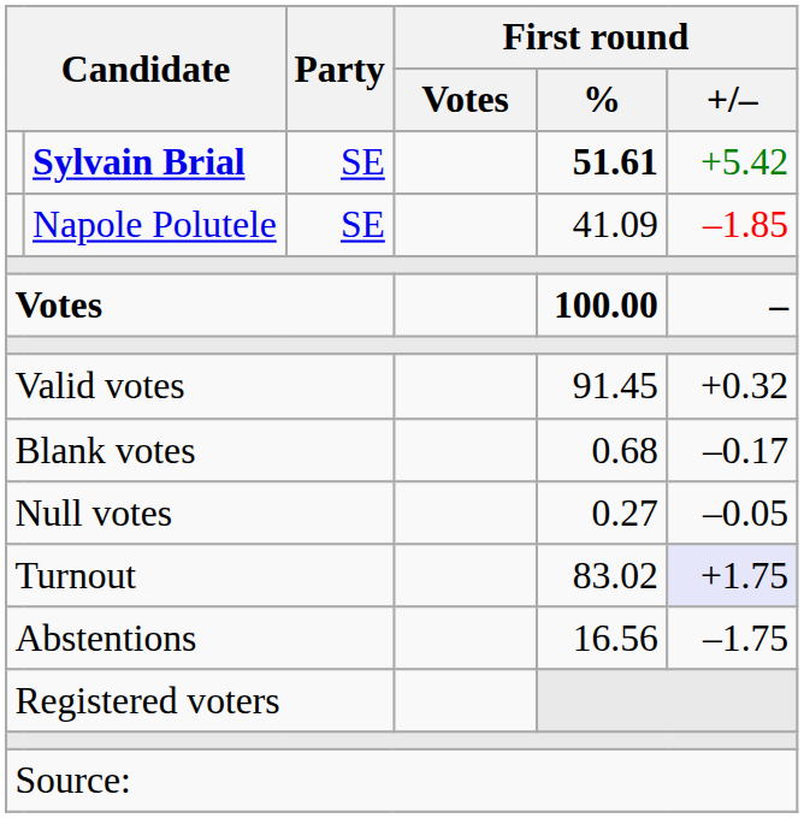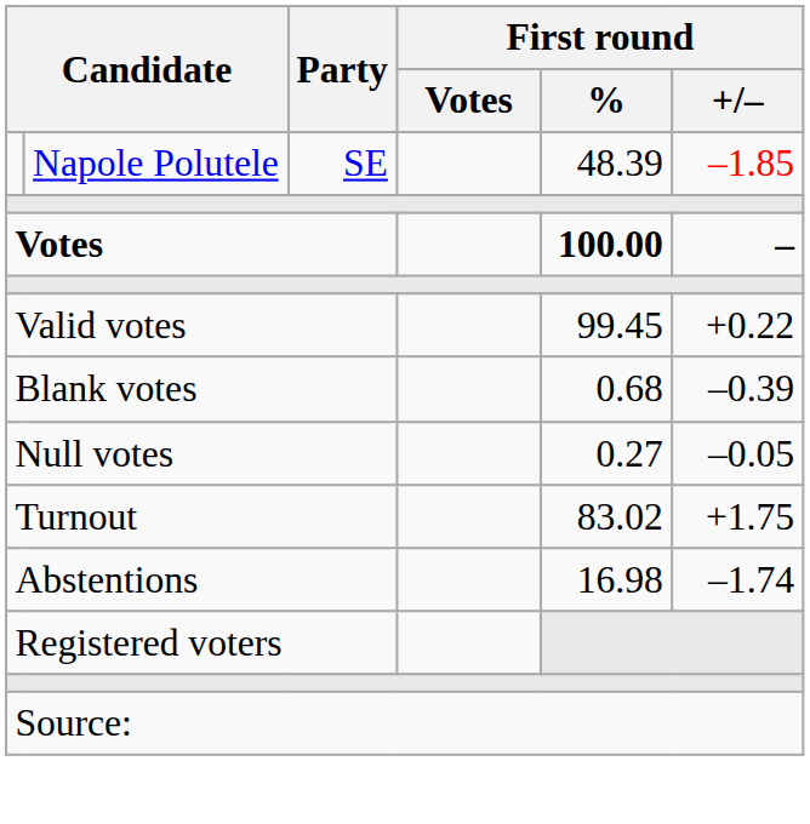 <table class="wikitable" style="text-align:right;font-size:95%;">
 <tr>
 <th rowspan="2" colspan="2">Candidate</th>
 <th rowspan="2">Party</th>
 <th colspan="3">First round</th>
 </tr>
 <tr>
 <th style="width:50px;">Votes</th>
 <th style="width:45px;">%</th>
 <th style="width:45px;">+/–</th>
 </tr>
 <tr>
 <td style="color:inherit;background:"></td>
-<td style="text-align:left;"><strong><a href='#'>Sylvain Brial</a></strong></td>
-<td><a href='#'>SE</a></td>
-<td><strong></strong></td>
-<td><strong>51.61</strong></td>
-<td style="color:green;">+5.42</td>
-</tr>
-<tr>
-<td style="color:inherit;background:"></td>
 <td style="text-align:left;"><a href='#'>Napole Polutele</a></td>
 <td><a href='#'>SE</a></td>
 <td></td>
-<td>41.09</td>
+<td>48.39</td>
 <td style="color:red;">–1.85</td>
 </tr>
 <tr>
 <td colspan="6" style="background:#E9E9E9;"></td>
 </tr>
 <tr style="font-weight:bold;">
 <td colspan="3" style="text-align:left;">Votes</td>
 <td></td>
 <td>100.00</td>
 <td>–</td>
 </tr>
 <tr>
 <td colspan="6" style="background:#E9E9E9;"></td>
 </tr>
 <tr>
 <td colspan="3" style="text-align:left;">Valid votes</td>
 <td></td>
-<td>91.45</td>
-<td>+0.32</td>
+<td>99.45</td>
+<td>+0.22</td>
 </tr>
 <tr>
 <td colspan="3" style="text-align:left;">Blank votes</td>
 <td></td>
 <td>0.68</td>
-<td>–0.17</td>
+<td>–0.39</td>
 </tr>
 <tr>
 <td colspan="3" style="text-align:left;">Null votes</td>
 <td></td>
 <td>0.27</td>
 <td>–0.05</td>
 </tr>
 <tr>
 <td colspan="3" style="text-align:left;">Turnout</td>
 <td></td>
 <td>83.02</td>
-<td style="background: lavender;">+1.75</td>
+<td>+1.75</td>
 </tr>
 <tr>
 <td colspan="3" style="text-align:left;">Abstentions</td>
 <td></td>
-<td>16.56</td>
-<td>–1.75</td>
+<td>16.98</td>
+<td>–1.74</td>
 </tr>
 <tr>
 <td colspan="3" style="text-align:left;">Registered voters</td>
 <td></td>
 <td colspan="2" style="background:#E9E9E9;"></td>
 </tr>
 <tr>
 <td colspan="6" style="background:#E9E9E9;"></td>
 </tr>
 <tr>
 <td colspan="6" style="text-align:left;">Source: </td>
 </tr>
 </table>
